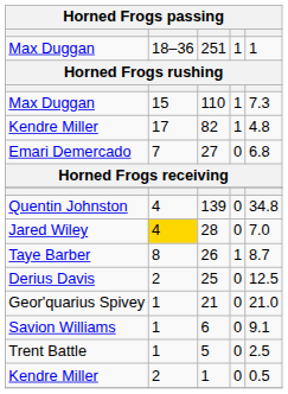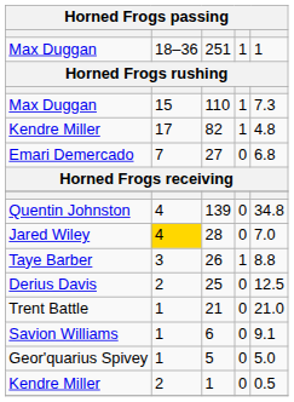 <table class="wikitable plainrowheaders">
 <tr>
 <th colspan="6">Horned Frogs passing</th>
 </tr>
 <tr>
 <th scope="col"></th>
 <th scope="col"></th>
 <th scope="col"></th>
 <th scope="col"></th>
 <th scope="col"></th>
 </tr>
 <tr>
 <td><a href='#'>Max Duggan</a></td>
 <td>18–36</td>
 <td>251</td>
 <td>1</td>
 <td>1</td>
 </tr>
 <tr>
 <th colspan="6">Horned Frogs rushing</th>
 </tr>
 <tr>
 <th scope="col"></th>
 <th scope="col"></th>
 <th scope="col"></th>
 <th scope="col"></th>
 <th scope="col"></th>
 </tr>
 <tr>
 <td><a href='#'>Max Duggan</a></td>
 <td>15</td>
 <td>110</td>
 <td>1</td>
 <td>7.3</td>
 </tr>
 <tr>
 <td><a href='#'>Kendre Miller</a></td>
 <td>17</td>
 <td>82</td>
 <td>1</td>
 <td>4.8</td>
 </tr>
 <tr>
 <td><a href='#'>Emari Demercado</a></td>
 <td>7</td>
 <td>27</td>
 <td>0</td>
 <td>6.8</td>
 </tr>
 <tr>
 <th colspan="6">Horned Frogs receiving</th>
 </tr>
 <tr>
 </tr>
 <tr>
 <th scope="col"></th>
 <th scope="col"></th>
 <th scope="col"></th>
 <th scope="col"></th>
 <th scope="col"></th>
 </tr>
 <tr>
 <td><a href='#'>Quentin Johnston</a></td>
 <td>4</td>
 <td>139</td>
 <td>0</td>
 <td>34.8</td>
 </tr>
 <tr>
 <td><a href='#'>Jared Wiley</a></td>
 <td style="background: gold;">4</td>
 <td>28</td>
 <td>0</td>
 <td>7.0</td>
 </tr>
 <tr>
 <td><a href='#'>Taye Barber</a></td>
-<td>8</td>
+<td>3</td>
 <td>26</td>
 <td>1</td>
-<td>8.7</td>
+<td>8.8</td>
 </tr>
 <tr>
 <td><a href='#'>Derius Davis</a></td>
 <td>2</td>
 <td>25</td>
 <td>0</td>
 <td>12.5</td>
 </tr>
 <tr>
-<td>Geor'quarius Spivey</td>
+<td>Trent Battle</td>
 <td>1</td>
 <td>21</td>
 <td>0</td>
 <td>21.0</td>
 </tr>
 <tr>
 <td><a href='#'>Savion Williams</a></td>
 <td>1</td>
 <td>6</td>
 <td>0</td>
 <td>9.1</td>
 </tr>
 <tr>
-<td>Trent Battle</td>
+<td>Geor'quarius Spivey</td>
 <td>1</td>
 <td>5</td>
 <td>0</td>
-<td>2.5</td>
+<td>5.0</td>
 </tr>
 <tr>
 <td><a href='#'>Kendre Miller</a></td>
 <td>2</td>
 <td>1</td>
 <td>0</td>
 <td>0.5</td>
 </tr>
 <tr>
 </tr>
 </table>
